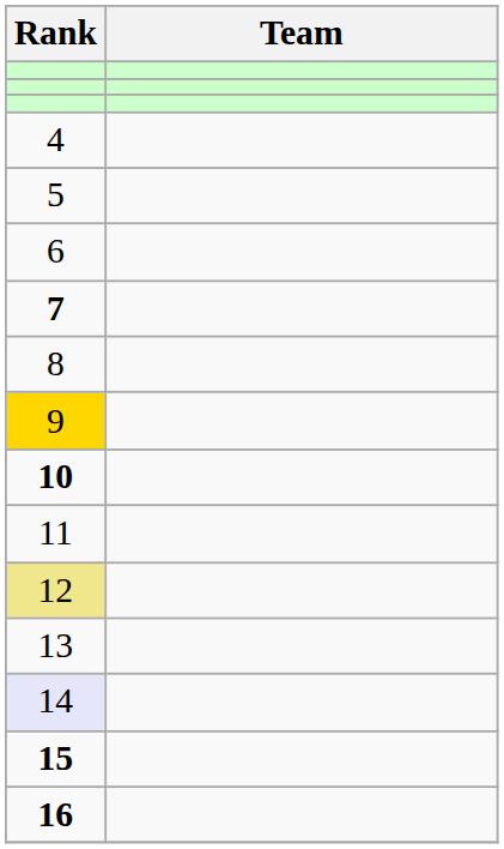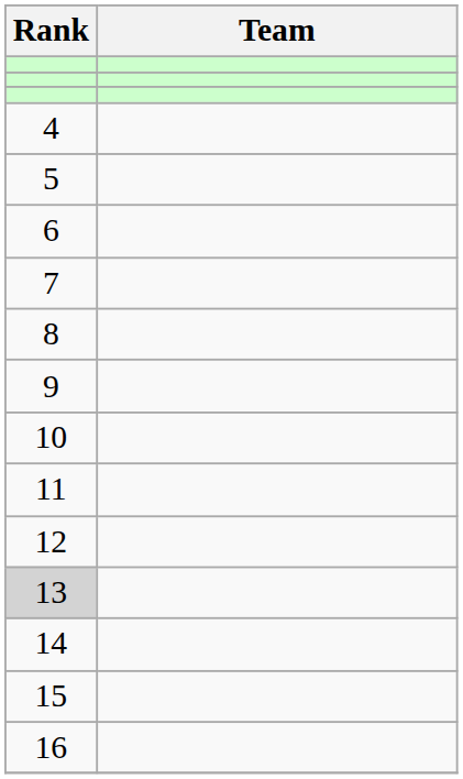 <table class="wikitable">
 <tr>
 <th>Rank</th>
 <th width=170>Team</th>
 </tr>
 <tr bgcolor=ccffcc>
 <td align=center></td>
 <td></td>
 </tr>
 <tr bgcolor=ccffcc>
 <td align=center></td>
 <td></td>
 </tr>
 <tr bgcolor=ccffcc>
 <td align=center></td>
 <td></td>
 </tr>
 <tr>
 <td align=center>4</td>
 <td></td>
 </tr>
 <tr>
 <td align=center>5</td>
 <td></td>
 </tr>
 <tr>
 <td align=center>6</td>
 <td></td>
 </tr>
 <tr>
-<td align=center><strong>7</strong></td>
+<td align=center>7</td>
 <td></td>
 </tr>
 <tr>
 <td align=center>8</td>
 <td></td>
 </tr>
 <tr>
-<td align=center style="background: gold;">9</td>
+<td align=center>9</td>
 <td></td>
 </tr>
 <tr>
-<td align=center><strong>10</strong></td>
+<td align=center>10</td>
 <td></td>
 </tr>
 <tr>
 <td align=center>11</td>
 <td></td>
 </tr>
 <tr>
-<td align=center style="background: khaki;">12</td>
+<td align=center>12</td>
 <td></td>
 </tr>
 <tr>
-<td align=center>13</td>
+<td align=center style="background: lightgrey;">13</td>
 <td></td>
 </tr>
 <tr>
-<td align=center style="background: lavender;">14</td>
+<td align=center>14</td>
 <td></td>
 </tr>
 <tr>
-<td align=center><strong>15</strong></td>
+<td align=center>15</td>
 <td></td>
 </tr>
 <tr>
-<td align=center><strong>16</strong></td>
+<td align=center>16</td>
 <td></td>
 </tr>
 <tr>
 </tr>
 </table>
